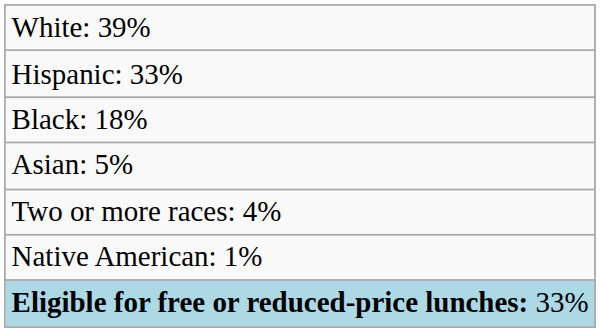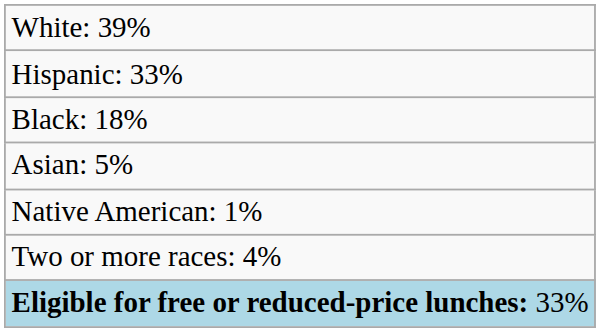 <table class="wikitable">
 <tr>
 <td>White: 39%</td>
 </tr>
 <tr>
 <td>Hispanic: 33%</td>
 </tr>
 <tr>
 <td>Black: 18%</td>
 </tr>
 <tr>
 <td>Asian: 5%</td>
 </tr>
 <tr>
-<td>Two or more races: 4%</td>
+<td>Native American: 1%</td>
 </tr>
 <tr>
-<td>Native American: 1%</td>
+<td>Two or more races: 4%</td>
 </tr>
 <tr>
 <td style="background: lightblue;"><strong>Eligible for free or reduced-price lunches:</strong> 33%</td>
 </tr>
 </table>
